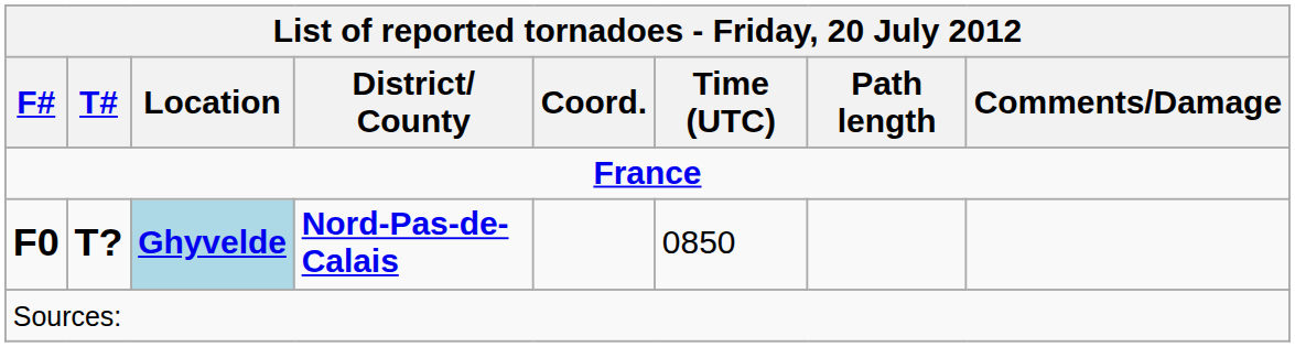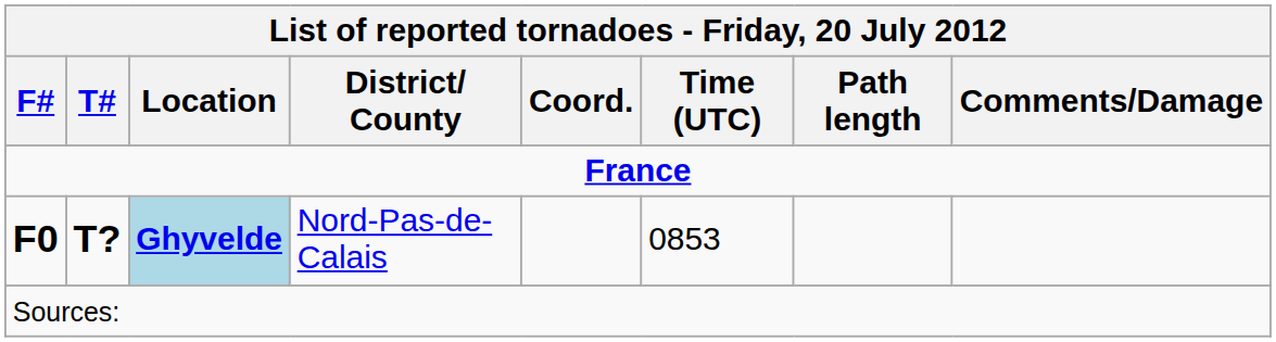 <table class="wikitable collapsible" width="100%">
 <tr>
 <th colspan="8">List of reported tornadoes - Friday, 20 July 2012</th>
 </tr>
 <tr>
 <th><a href='#'>F#</a></th>
 <th><a href='#'>T#</a></th>
 <th>Location</th>
 <th>District/<br>County</th>
 <th>Coord.</th>
 <th>Time (UTC)</th>
 <th>Path length</th>
 <th>Comments/Damage</th>
 </tr>
 <tr>
 <td colspan="8" align=center><strong><a href='#'>France</a></strong></td>
 </tr>
 <tr>
 <td><big><strong>F0</strong></big></td>
 <td><big><strong>T?</strong></big></td>
 <td style="background: lightblue;"><strong><a href='#'>Ghyvelde</a></strong></td>
-<td><strong><a href='#'>Nord-Pas-de-Calais</a></strong></td>
+<td><a href='#'>Nord-Pas-de-Calais</a></td>
 <td></td>
-<td>0850</td>
+<td>0853</td>
 <td></td>
 <td></td>
 </tr>
 <tr>
 <td colspan="8"><small>Sources:  </small></td>
 </tr>
 </table>
